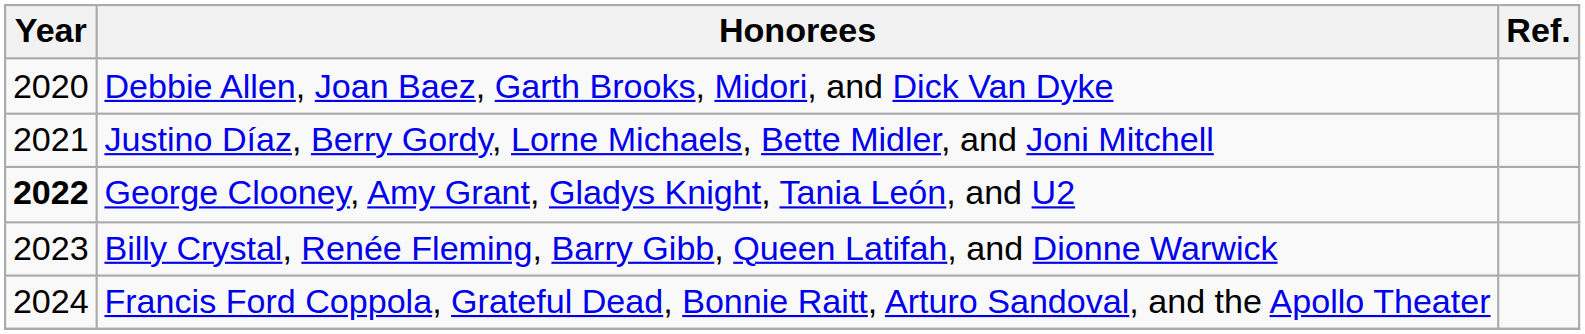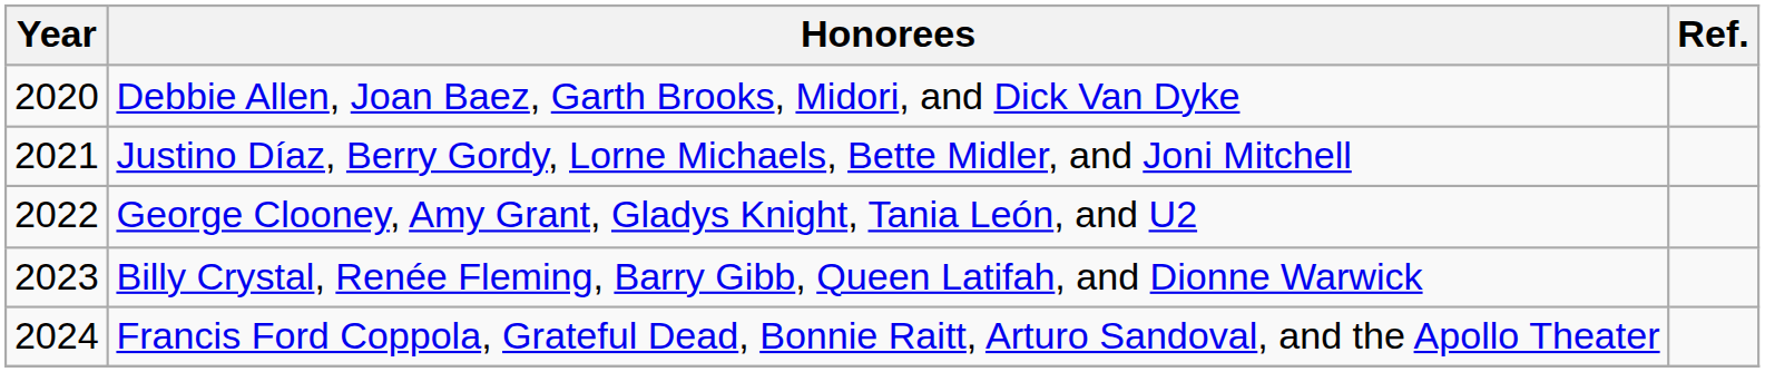 <table class="wikitable">
 <tr>
 <th>Year</th>
 <th>Honorees</th>
 <th>Ref.</th>
 </tr>
 <tr>
 <td>2020</td>
 <td><a href='#'>Debbie Allen</a>, <a href='#'>Joan Baez</a>, <a href='#'>Garth Brooks</a>, <a href='#'>Midori</a>, and <a href='#'>Dick Van Dyke</a></td>
 <td></td>
 </tr>
 <tr>
 <td>2021</td>
 <td><a href='#'>Justino Díaz</a>, <a href='#'>Berry Gordy</a>, <a href='#'>Lorne Michaels</a>, <a href='#'>Bette Midler</a>, and <a href='#'>Joni Mitchell</a></td>
 <td></td>
 </tr>
 <tr>
-<td><strong>2022</strong></td>
+<td>2022</td>
 <td><a href='#'>George Clooney</a>, <a href='#'>Amy Grant</a>, <a href='#'>Gladys Knight</a>, <a href='#'>Tania León</a>, and <a href='#'>U2</a></td>
 <td></td>
 </tr>
 <tr>
 <td>2023</td>
 <td><a href='#'>Billy Crystal</a>, <a href='#'>Renée Fleming</a>, <a href='#'>Barry Gibb</a>, <a href='#'>Queen Latifah</a>, and <a href='#'>Dionne Warwick</a></td>
 <td></td>
 </tr>
 <tr>
 <td>2024</td>
 <td><a href='#'>Francis Ford Coppola</a>, <a href='#'>Grateful Dead</a>, <a href='#'>Bonnie Raitt</a>, <a href='#'>Arturo Sandoval</a>, and the <a href='#'>Apollo Theater</a></td>
 <td></td>
 </tr>
 <tr>
 </tr>
 </table>
